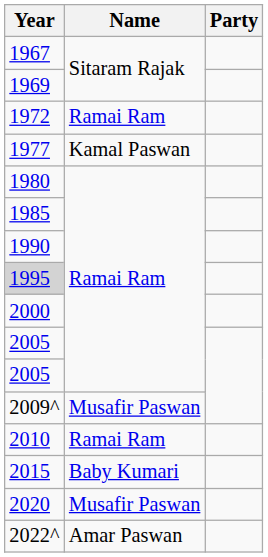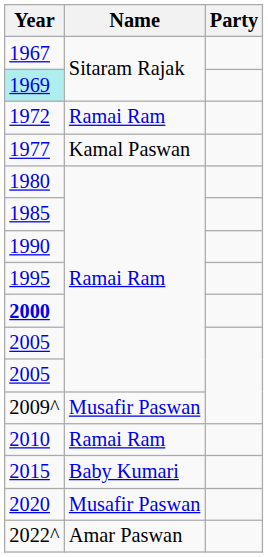 <table class="wikitable sortable">
 <tr>
 <th>Year</th>
 <th>Name</th>
 <th colspan="2">Party</th>
 </tr>
 <tr>
 <td><a href='#'>1967</a></td>
 <td rowspan="2">Sitaram Rajak</td>
 <td></td>
 </tr>
 <tr>
-<td><a href='#'>1969</a></td>
+<td style="background: paleturquoise;"><a href='#'>1969</a></td>
 </tr>
 <tr>
 <td><a href='#'>1972</a></td>
 <td><a href='#'>Ramai Ram</a></td>
 <td></td>
 </tr>
 <tr>
 <td><a href='#'>1977</a></td>
 <td>Kamal Paswan</td>
 <td></td>
 </tr>
 <tr>
 <td><a href='#'>1980</a></td>
 <td rowspan="7"><a href='#'>Ramai Ram</a></td>
 </tr>
 <tr>
 <td><a href='#'>1985</a></td>
 <td></td>
 </tr>
 <tr>
 <td><a href='#'>1990</a></td>
 <td></td>
 </tr>
 <tr>
-<td style="background: lightgrey;"><a href='#'>1995</a></td>
+<td><a href='#'>1995</a></td>
 </tr>
 <tr>
-<td><a href='#'>2000</a></td>
+<td><strong><a href='#'>2000</a></strong></td>
 <td></td>
 </tr>
 <tr>
 <td><a href='#'>2005</a></td>
 </tr>
 <tr>
 <td><a href='#'>2005</a></td>
 </tr>
 <tr>
 <td>2009^</td>
 <td><a href='#'>Musafir Paswan</a></td>
 </tr>
 <tr>
 <td><a href='#'>2010</a></td>
 <td><a href='#'>Ramai Ram</a></td>
 <td></td>
 </tr>
 <tr>
 <td><a href='#'>2015</a></td>
 <td><a href='#'>Baby Kumari</a></td>
 <td></td>
 </tr>
 <tr>
 <td><a href='#'>2020</a></td>
 <td><a href='#'>Musafir Paswan</a></td>
 <td></td>
 </tr>
 <tr>
 <td>2022^</td>
 <td>Amar Paswan</td>
 <td></td>
 </tr>
 </table>
